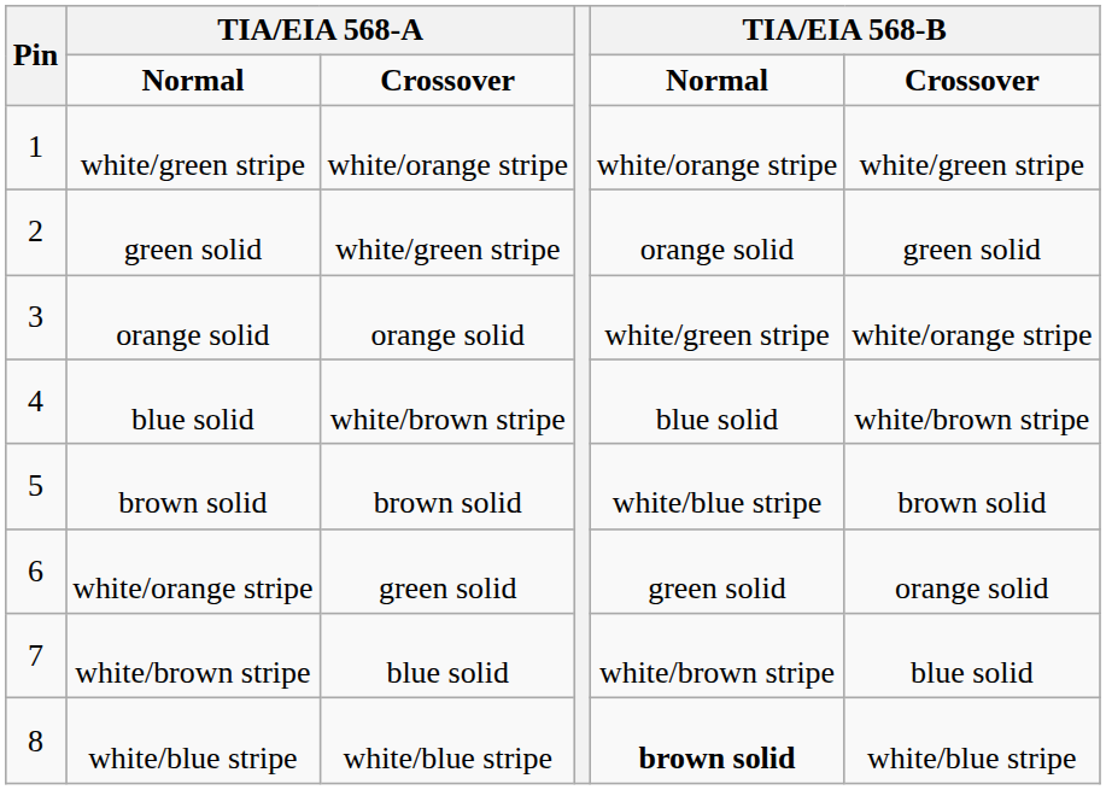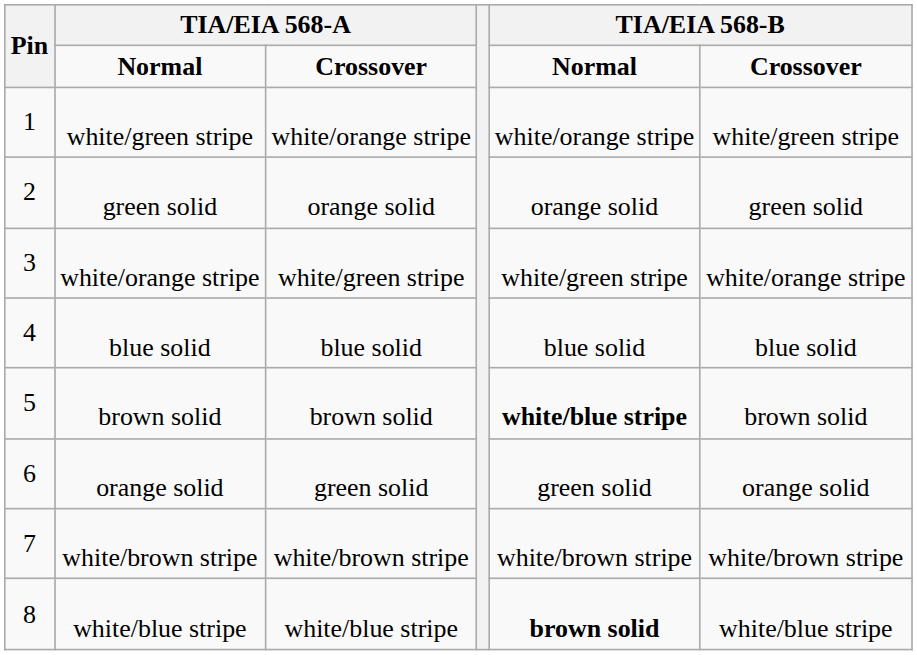 <table class="wikitable">
 <tr>
 <th rowspan="2" style="text-align: center; font-weight:bold;">Pin</th>
 <th colspan="2" style="text-align: center; font-weight:bold;">TIA/EIA 568-A</th>
 <th rowspan="10" style="text-align: center; font-weight:bold;"></th>
 <th colspan="2" style="text-align: center; font-weight:bold;">TIA/EIA 568-B</th>
 </tr>
 <tr>
 <td style="text-align: center; font-weight:bold;">Normal</td>
 <td style="text-align: center; font-weight:bold;">Crossover</td>
 <td style="text-align: center; font-weight:bold;">Normal</td>
 <td style="text-align: center; font-weight:bold;">Crossover</td>
 </tr>
 <tr>
 <td style="text-align: center;">1</td>
 <td style="text-align: center;"><br>white/green stripe</td>
 <td style="text-align: center;"><br>white/orange stripe</td>
 <td style="text-align: center;"><br>white/orange stripe</td>
 <td style="text-align: center;"><br>white/green stripe</td>
 </tr>
 <tr>
 <td style="text-align: center;">2</td>
 <td style="text-align: center;"><br>green solid</td>
-<td style="text-align: center;"><br>white/green stripe</td>
+<td style="text-align: center;"><br>orange solid</td>
 <td style="text-align: center;"><br>orange solid</td>
 <td style="text-align: center;"><br>green solid</td>
 </tr>
 <tr>
 <td style="text-align: center;">3</td>
-<td style="text-align: center;"><br>orange solid</td>
-<td style="text-align: center;"><br>orange solid</td>
+<td style="text-align: center;"><br>white/orange stripe</td>
+<td style="text-align: center;"><br>white/green stripe</td>
 <td style="text-align: center;"><br>white/green stripe</td>
 <td style="text-align: center;"><br>white/orange stripe</td>
 </tr>
 <tr>
 <td style="text-align: center;">4</td>
 <td style="text-align: center;"><br>blue solid</td>
-<td style="text-align: center;"><br>white/brown stripe</td>
 <td style="text-align: center;"><br>blue solid</td>
-<td style="text-align: center;"><br>white/brown stripe</td>
+<td style="text-align: center;"><br>blue solid</td>
+<td style="text-align: center;"><br>blue solid</td>
 </tr>
 <tr>
 <td style="text-align: center;">5</td>
 <td style="text-align: center;"><br>brown solid</td>
 <td style="text-align: center;"><br>brown solid</td>
-<td style="text-align: center;"><br>white/blue stripe</td>
+<td style="text-align: center;"><strong><br>white/blue stripe</strong></td>
 <td style="text-align: center;"><br>brown solid</td>
 </tr>
 <tr>
 <td style="text-align: center;">6</td>
-<td style="text-align: center;"><br>white/orange stripe</td>
+<td style="text-align: center;"><br>orange solid</td>
 <td style="text-align: center;"><br>green solid</td>
 <td style="text-align: center;"><br>green solid</td>
 <td style="text-align: center;"><br>orange solid</td>
 </tr>
 <tr>
 <td style="text-align: center;">7</td>
 <td style="text-align: center;"><br>white/brown stripe</td>
-<td style="text-align: center;"><br>blue solid</td>
 <td style="text-align: center;"><br>white/brown stripe</td>
-<td style="text-align: center;"><br>blue solid</td>
+<td style="text-align: center;"><br>white/brown stripe</td>
+<td style="text-align: center;"><br>white/brown stripe</td>
 </tr>
 <tr>
 <td style="text-align: center;">8</td>
 <td style="text-align: center;"><br>white/blue stripe</td>
 <td style="text-align: center;"><br>white/blue stripe</td>
 <td style="text-align: center;"><strong><br>brown solid</strong></td>
 <td style="text-align: center;"><br>white/blue stripe</td>
 </tr>
 </table>
